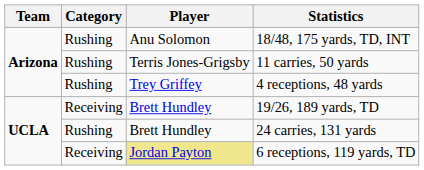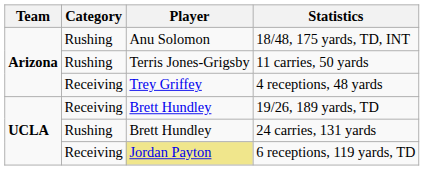 <table class="wikitable" style="float: right;">
 <tr>
 <th>Team</th>
 <th>Category</th>
 <th>Player</th>
 <th>Statistics</th>
 </tr>
 <tr>
 <td rowspan=3><strong>Arizona</strong></td>
 <td>Rushing</td>
 <td>Anu Solomon</td>
 <td>18/48, 175 yards, TD, INT</td>
 </tr>
 <tr>
 <td>Rushing</td>
 <td>Terris Jones-Grigsby</td>
 <td>11 carries, 50 yards</td>
 </tr>
 <tr>
-<td>Rushing</td>
+<td>Receiving</td>
 <td><a href='#'>Trey Griffey</a></td>
 <td>4 receptions, 48 yards</td>
 </tr>
 <tr>
 <td rowspan=3><strong>UCLA</strong></td>
 <td>Receiving</td>
 <td><a href='#'>Brett Hundley</a></td>
 <td>19/26, 189 yards, TD</td>
 </tr>
 <tr>
 <td>Rushing</td>
 <td>Brett Hundley</td>
 <td>24 carries, 131 yards</td>
 </tr>
 <tr>
 <td>Receiving</td>
 <td style="background: khaki;"><a href='#'>Jordan Payton</a></td>
 <td>6 receptions, 119 yards, TD</td>
 </tr>
 </table>
